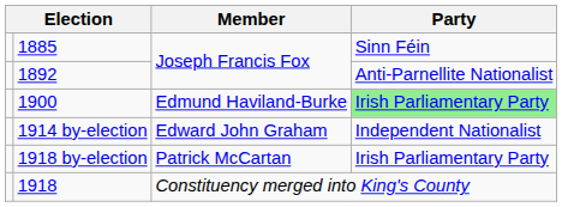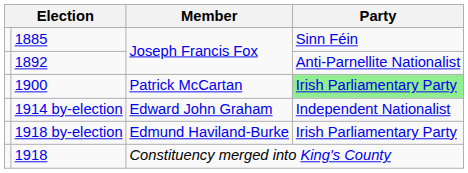 <table class="wikitable">
 <tr>
 <th colspan="2">Election</th>
 <th>Member</th>
 <th>Party</th>
 </tr>
 <tr>
 <td style="color:inherit;background-color: "></td>
 <td><a href='#'>1885</a></td>
 <td rowspan="2"><a href='#'>Joseph Francis Fox</a></td>
 <td><a href='#'>Sinn Féin</a></td>
 </tr>
 <tr>
 <td style="color:inherit;background-color: "></td>
 <td><a href='#'>1892</a></td>
 <td><a href='#'>Anti-Parnellite Nationalist</a></td>
 </tr>
 <tr>
 <td style="color:inherit;background-color: "></td>
 <td><a href='#'>1900</a></td>
-<td><a href='#'>Edmund Haviland-Burke</a></td>
+<td><a href='#'>Patrick McCartan</a></td>
 <td style="background: lightgreen;"><a href='#'>Irish Parliamentary Party</a></td>
 </tr>
 <tr>
 <td style="color:inherit;background-color: "></td>
 <td><a href='#'>1914 by-election</a></td>
 <td><a href='#'>Edward John Graham</a></td>
 <td><a href='#'>Independent Nationalist</a></td>
 </tr>
 <tr>
 <td style="color:inherit;background-color: "></td>
 <td><a href='#'>1918 by-election</a></td>
-<td><a href='#'>Patrick McCartan</a></td>
+<td><a href='#'>Edmund Haviland-Burke</a></td>
 <td><a href='#'>Irish Parliamentary Party</a></td>
 </tr>
 <tr>
 <td></td>
 <td><a href='#'>1918</a></td>
 <td colspan="2"><em>Constituency merged into <a href='#'>King's County</a></em></td>
 </tr>
 </table>
